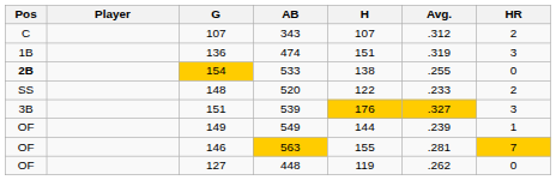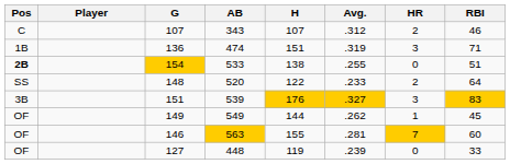 <table class="wikitable sortable">
 <tr>
 <th bgcolor="#DDDDFF" width="5%">Pos</th>
 <th bgcolor="#DDDDFF" width="16%">Player</th>
 <th bgcolor="#DDDDFF" width="9%">G</th>
 <th bgcolor="#DDDDFF" width="9%">AB</th>
 <th bgcolor="#DDDDFF" width="9%">H</th>
 <th bgcolor="#DDDDFF" width="9%">Avg.</th>
 <th bgcolor="#DDDDFF" width="9%">HR</th>
+<th bgcolor="#DDDDFF" width="9%">RBI</th>
 </tr>
 <tr align="center">
 <td>C</td>
 <td></td>
 <td>107</td>
 <td>343</td>
 <td>107</td>
 <td>.312</td>
 <td>2</td>
+<td>46</td>
 </tr>
 <tr align="center">
 <td>1B</td>
 <td></td>
 <td>136</td>
 <td>474</td>
 <td>151</td>
 <td>.319</td>
 <td>3</td>
+<td>71</td>
 </tr>
 <tr align="center">
 <td><strong>2B</strong></td>
 <td></td>
 <td bgcolor="#FFCC00">154</td>
 <td>533</td>
 <td>138</td>
 <td>.255</td>
 <td>0</td>
+<td>51</td>
 </tr>
 <tr align="center">
 <td>SS</td>
 <td></td>
 <td>148</td>
 <td>520</td>
 <td>122</td>
 <td>.233</td>
 <td>2</td>
+<td>64</td>
 </tr>
 <tr align="center">
 <td>3B</td>
 <td></td>
 <td>151</td>
 <td>539</td>
 <td bgcolor="#FFCC00">176</td>
 <td bgcolor="#FFCC00">.327</td>
 <td>3</td>
+<td bgcolor="#FFCC00">83</td>
 </tr>
 <tr align="center">
 <td>OF</td>
 <td></td>
 <td>149</td>
 <td>549</td>
 <td>144</td>
-<td>.239</td>
+<td>.262</td>
 <td>1</td>
+<td>45</td>
 </tr>
 <tr align="center">
 <td>OF</td>
 <td></td>
 <td>146</td>
 <td bgcolor="#FFCC00">563</td>
 <td>155</td>
 <td>.281</td>
 <td bgcolor="#FFCC00">7</td>
+<td>60</td>
 </tr>
 <tr align="center">
 <td>OF</td>
 <td></td>
 <td>127</td>
 <td>448</td>
 <td>119</td>
-<td>.262</td>
+<td>.239</td>
 <td>0</td>
+<td>33</td>
 </tr>
 </table>
